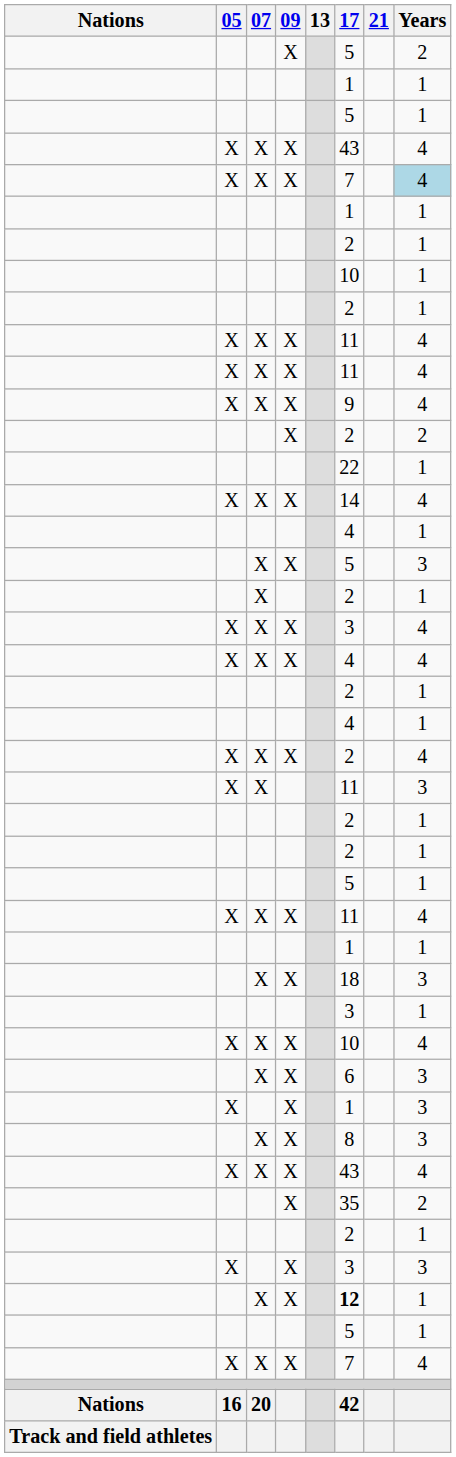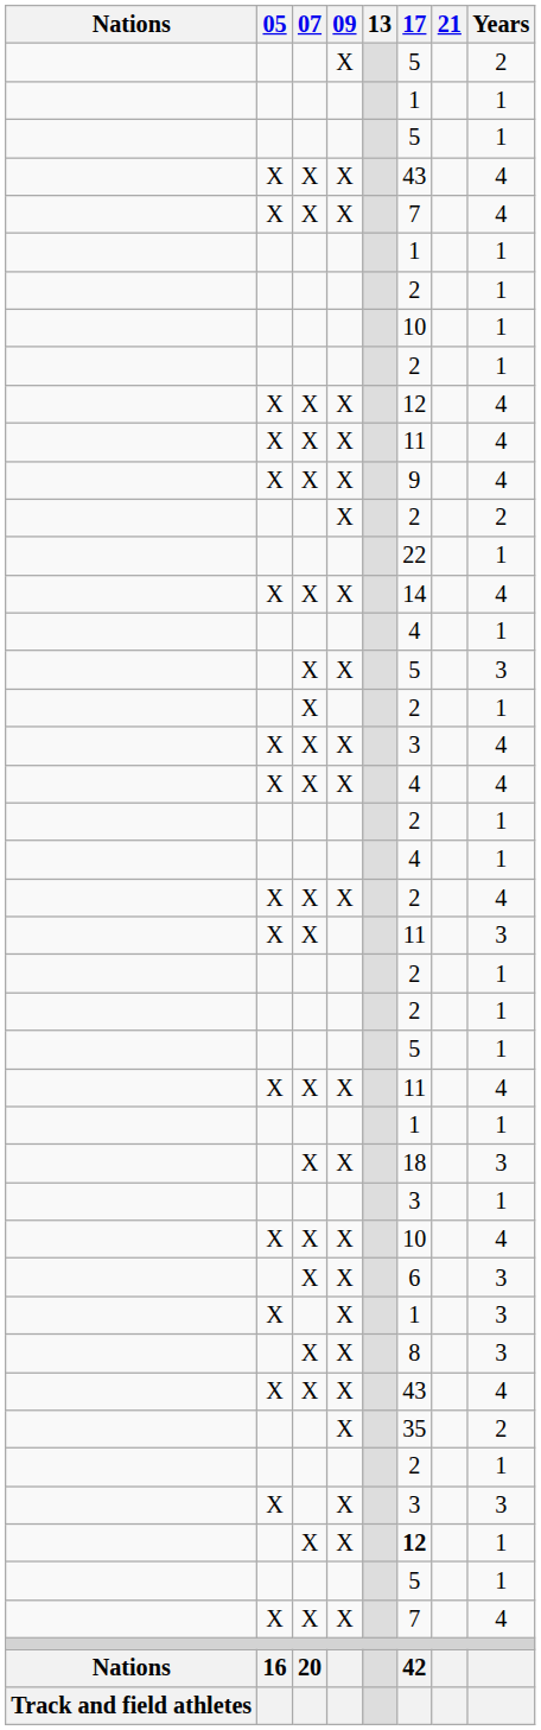 <table class="wikitable">
 <tr align=center>
 <th>Nations</th>
 <th><a href='#'>05</a></th>
 <th><a href='#'>07</a></th>
 <th><a href='#'>09</a></th>
 <th><span>13</span></th>
 <th><a href='#'>17</a></th>
 <th><a href='#'>21</a></th>
 <th>Years</th>
 </tr>
 <tr align=center>
 <td align=left></td>
 <td></td>
 <td></td>
 <td>X</td>
 <td style="background:#ddd"></td>
 <td>5</td>
 <td></td>
 <td>2</td>
 </tr>
 <tr align=center>
 <td align=left></td>
 <td></td>
 <td></td>
 <td></td>
 <td style="background:#ddd"></td>
 <td>1</td>
 <td></td>
 <td>1</td>
 </tr>
 <tr align=center>
 <td align=left></td>
 <td></td>
 <td></td>
 <td></td>
 <td style="background:#ddd"></td>
 <td>5</td>
 <td></td>
 <td>1</td>
 </tr>
 <tr align=center>
 <td align=left></td>
 <td>X</td>
 <td>X</td>
 <td>X</td>
 <td style="background:#ddd"></td>
 <td>43</td>
 <td></td>
 <td>4</td>
 </tr>
 <tr align=center>
 <td align=left></td>
 <td>X</td>
 <td>X</td>
 <td>X</td>
 <td style="background:#ddd"></td>
 <td>7</td>
 <td></td>
-<td style="background: lightblue;">4</td>
+<td>4</td>
 </tr>
 <tr align=center>
 <td align=left></td>
 <td></td>
 <td></td>
 <td></td>
 <td style="background:#ddd"></td>
 <td>1</td>
 <td></td>
 <td>1</td>
 </tr>
 <tr align=center>
 <td align=left></td>
 <td></td>
 <td></td>
 <td></td>
 <td style="background:#ddd"></td>
 <td>2</td>
 <td></td>
 <td>1</td>
 </tr>
 <tr align=center>
 <td align=left></td>
 <td></td>
 <td></td>
 <td></td>
 <td style="background:#ddd"></td>
 <td>10</td>
 <td></td>
 <td>1</td>
 </tr>
 <tr align=center>
 <td align=left></td>
 <td></td>
 <td></td>
 <td></td>
 <td style="background:#ddd"></td>
 <td>2</td>
 <td></td>
 <td>1</td>
 </tr>
 <tr align=center>
 <td align=left></td>
 <td>X</td>
 <td>X</td>
 <td>X</td>
 <td style="background:#ddd"></td>
-<td>11</td>
+<td>12</td>
 <td></td>
 <td>4</td>
 </tr>
 <tr align=center>
 <td align=left></td>
 <td>X</td>
 <td>X</td>
 <td>X</td>
 <td style="background:#ddd"></td>
 <td>11</td>
 <td></td>
 <td>4</td>
 </tr>
 <tr align=center>
 <td align=left></td>
 <td>X</td>
 <td>X</td>
 <td>X</td>
 <td style="background:#ddd"></td>
 <td>9</td>
 <td></td>
 <td>4</td>
 </tr>
 <tr align=center>
 <td align=left></td>
 <td></td>
 <td></td>
 <td>X</td>
 <td style="background:#ddd"></td>
 <td>2</td>
 <td></td>
 <td>2</td>
 </tr>
 <tr align=center>
 <td align=left></td>
 <td></td>
 <td></td>
 <td></td>
 <td style="background:#ddd"></td>
 <td>22</td>
 <td></td>
 <td>1</td>
 </tr>
 <tr align=center>
 <td align=left></td>
 <td>X</td>
 <td>X</td>
 <td>X</td>
 <td style="background:#ddd"></td>
 <td>14</td>
 <td></td>
 <td>4</td>
 </tr>
 <tr align=center>
 <td align=left></td>
 <td></td>
 <td></td>
 <td></td>
 <td style="background:#ddd"></td>
 <td>4</td>
 <td></td>
 <td>1</td>
 </tr>
 <tr align=center>
 <td align=left></td>
 <td></td>
 <td>X</td>
 <td>X</td>
 <td style="background:#ddd"></td>
 <td>5</td>
 <td></td>
 <td>3</td>
 </tr>
 <tr align=center>
 <td align=left></td>
 <td></td>
 <td>X</td>
 <td></td>
 <td style="background:#ddd"></td>
 <td>2</td>
 <td></td>
 <td>1</td>
 </tr>
 <tr align=center>
 <td align=left></td>
 <td>X</td>
 <td>X</td>
 <td>X</td>
 <td style="background:#ddd"></td>
 <td>3</td>
 <td></td>
 <td>4</td>
 </tr>
 <tr align=center>
 <td align=left></td>
 <td>X</td>
 <td>X</td>
 <td>X</td>
 <td style="background:#ddd"></td>
 <td>4</td>
 <td></td>
 <td>4</td>
 </tr>
 <tr align=center>
 <td align=left></td>
 <td></td>
 <td></td>
 <td></td>
 <td style="background:#ddd"></td>
 <td>2</td>
 <td></td>
 <td>1</td>
 </tr>
 <tr align=center>
 <td align=left></td>
 <td></td>
 <td></td>
 <td></td>
 <td style="background:#ddd"></td>
 <td>4</td>
 <td></td>
 <td>1</td>
 </tr>
 <tr align=center>
 <td align=left></td>
 <td>X</td>
 <td>X</td>
 <td>X</td>
 <td style="background:#ddd"></td>
 <td>2</td>
 <td></td>
 <td>4</td>
 </tr>
 <tr align=center>
 <td align=left></td>
 <td>X</td>
 <td>X</td>
 <td></td>
 <td style="background:#ddd"></td>
 <td>11</td>
 <td></td>
 <td>3</td>
 </tr>
 <tr align=center>
 <td align=left></td>
 <td></td>
 <td></td>
 <td></td>
 <td style="background:#ddd"></td>
 <td>2</td>
 <td></td>
 <td>1</td>
 </tr>
 <tr align=center>
 <td align=left></td>
 <td></td>
 <td></td>
 <td></td>
 <td style="background:#ddd"></td>
 <td>2</td>
 <td></td>
 <td>1</td>
 </tr>
 <tr align=center>
 <td align=left></td>
 <td></td>
 <td></td>
 <td></td>
 <td style="background:#ddd"></td>
 <td>5</td>
 <td></td>
 <td>1</td>
 </tr>
 <tr align=center>
 <td align=left></td>
 <td>X</td>
 <td>X</td>
 <td>X</td>
 <td style="background:#ddd"></td>
 <td>11</td>
 <td></td>
 <td>4</td>
 </tr>
 <tr align=center>
 <td align=left></td>
 <td></td>
 <td></td>
 <td></td>
 <td style="background:#ddd"></td>
 <td>1</td>
 <td></td>
 <td>1</td>
 </tr>
 <tr align=center>
 <td align=left></td>
 <td></td>
 <td>X</td>
 <td>X</td>
 <td style="background:#ddd"></td>
 <td>18</td>
 <td></td>
 <td>3</td>
 </tr>
 <tr align=center>
 <td align=left></td>
 <td></td>
 <td></td>
 <td></td>
 <td style="background:#ddd"></td>
 <td>3</td>
 <td></td>
 <td>1</td>
 </tr>
 <tr align=center>
 <td align=left></td>
 <td>X</td>
 <td>X</td>
 <td>X</td>
 <td style="background:#ddd"></td>
 <td>10</td>
 <td></td>
 <td>4</td>
 </tr>
 <tr align=center>
 <td align=left></td>
 <td></td>
 <td>X</td>
 <td>X</td>
 <td style="background:#ddd"></td>
 <td>6</td>
 <td></td>
 <td>3</td>
 </tr>
 <tr align=center>
 <td align=left></td>
 <td>X</td>
 <td></td>
 <td>X</td>
 <td style="background:#ddd"></td>
 <td>1</td>
 <td></td>
 <td>3</td>
 </tr>
 <tr align=center>
 <td align=left></td>
 <td></td>
 <td>X</td>
 <td>X</td>
 <td style="background:#ddd"></td>
 <td>8</td>
 <td></td>
 <td>3</td>
 </tr>
 <tr align=center>
 <td align=left></td>
 <td>X</td>
 <td>X</td>
 <td>X</td>
 <td style="background:#ddd"></td>
 <td>43</td>
 <td></td>
 <td>4</td>
 </tr>
 <tr align=center>
 <td align=left></td>
 <td></td>
 <td></td>
 <td>X</td>
 <td style="background:#ddd"></td>
 <td>35</td>
 <td></td>
 <td>2</td>
 </tr>
 <tr align=center>
 <td align=left></td>
 <td></td>
 <td></td>
 <td></td>
 <td style="background:#ddd"></td>
 <td>2</td>
 <td></td>
 <td>1</td>
 </tr>
 <tr align=center>
 <td align=left></td>
 <td>X</td>
 <td></td>
 <td>X</td>
 <td style="background:#ddd"></td>
 <td>3</td>
 <td></td>
 <td>3</td>
 </tr>
 <tr align=center>
 <td align=left></td>
 <td></td>
 <td>X</td>
 <td>X</td>
 <td style="background:#ddd"></td>
 <td><strong>12</strong></td>
 <td></td>
 <td>1</td>
 </tr>
 <tr align=center>
 <td align=left></td>
 <td></td>
 <td></td>
 <td></td>
 <td style="background:#ddd"></td>
 <td>5</td>
 <td></td>
 <td>1</td>
 </tr>
 <tr align=center>
 <td align=left></td>
 <td>X</td>
 <td>X</td>
 <td>X</td>
 <td style="background:#ddd"></td>
 <td>7</td>
 <td></td>
 <td>4</td>
 </tr>
 <tr>
 <td colspan=8 bgcolor=lightgray></td>
 </tr>
 <tr>
 <th align=left>Nations</th>
 <th>16</th>
 <th>20</th>
 <th></th>
 <th style="background:#ddd"></th>
 <th>42</th>
 <th></th>
 <th></th>
 </tr>
 <tr>
 <th align=left>Track and field athletes</th>
 <th></th>
 <th></th>
 <th></th>
 <th style="background:#ddd"></th>
 <th></th>
 <th></th>
 <th></th>
 </tr>
 </table>
